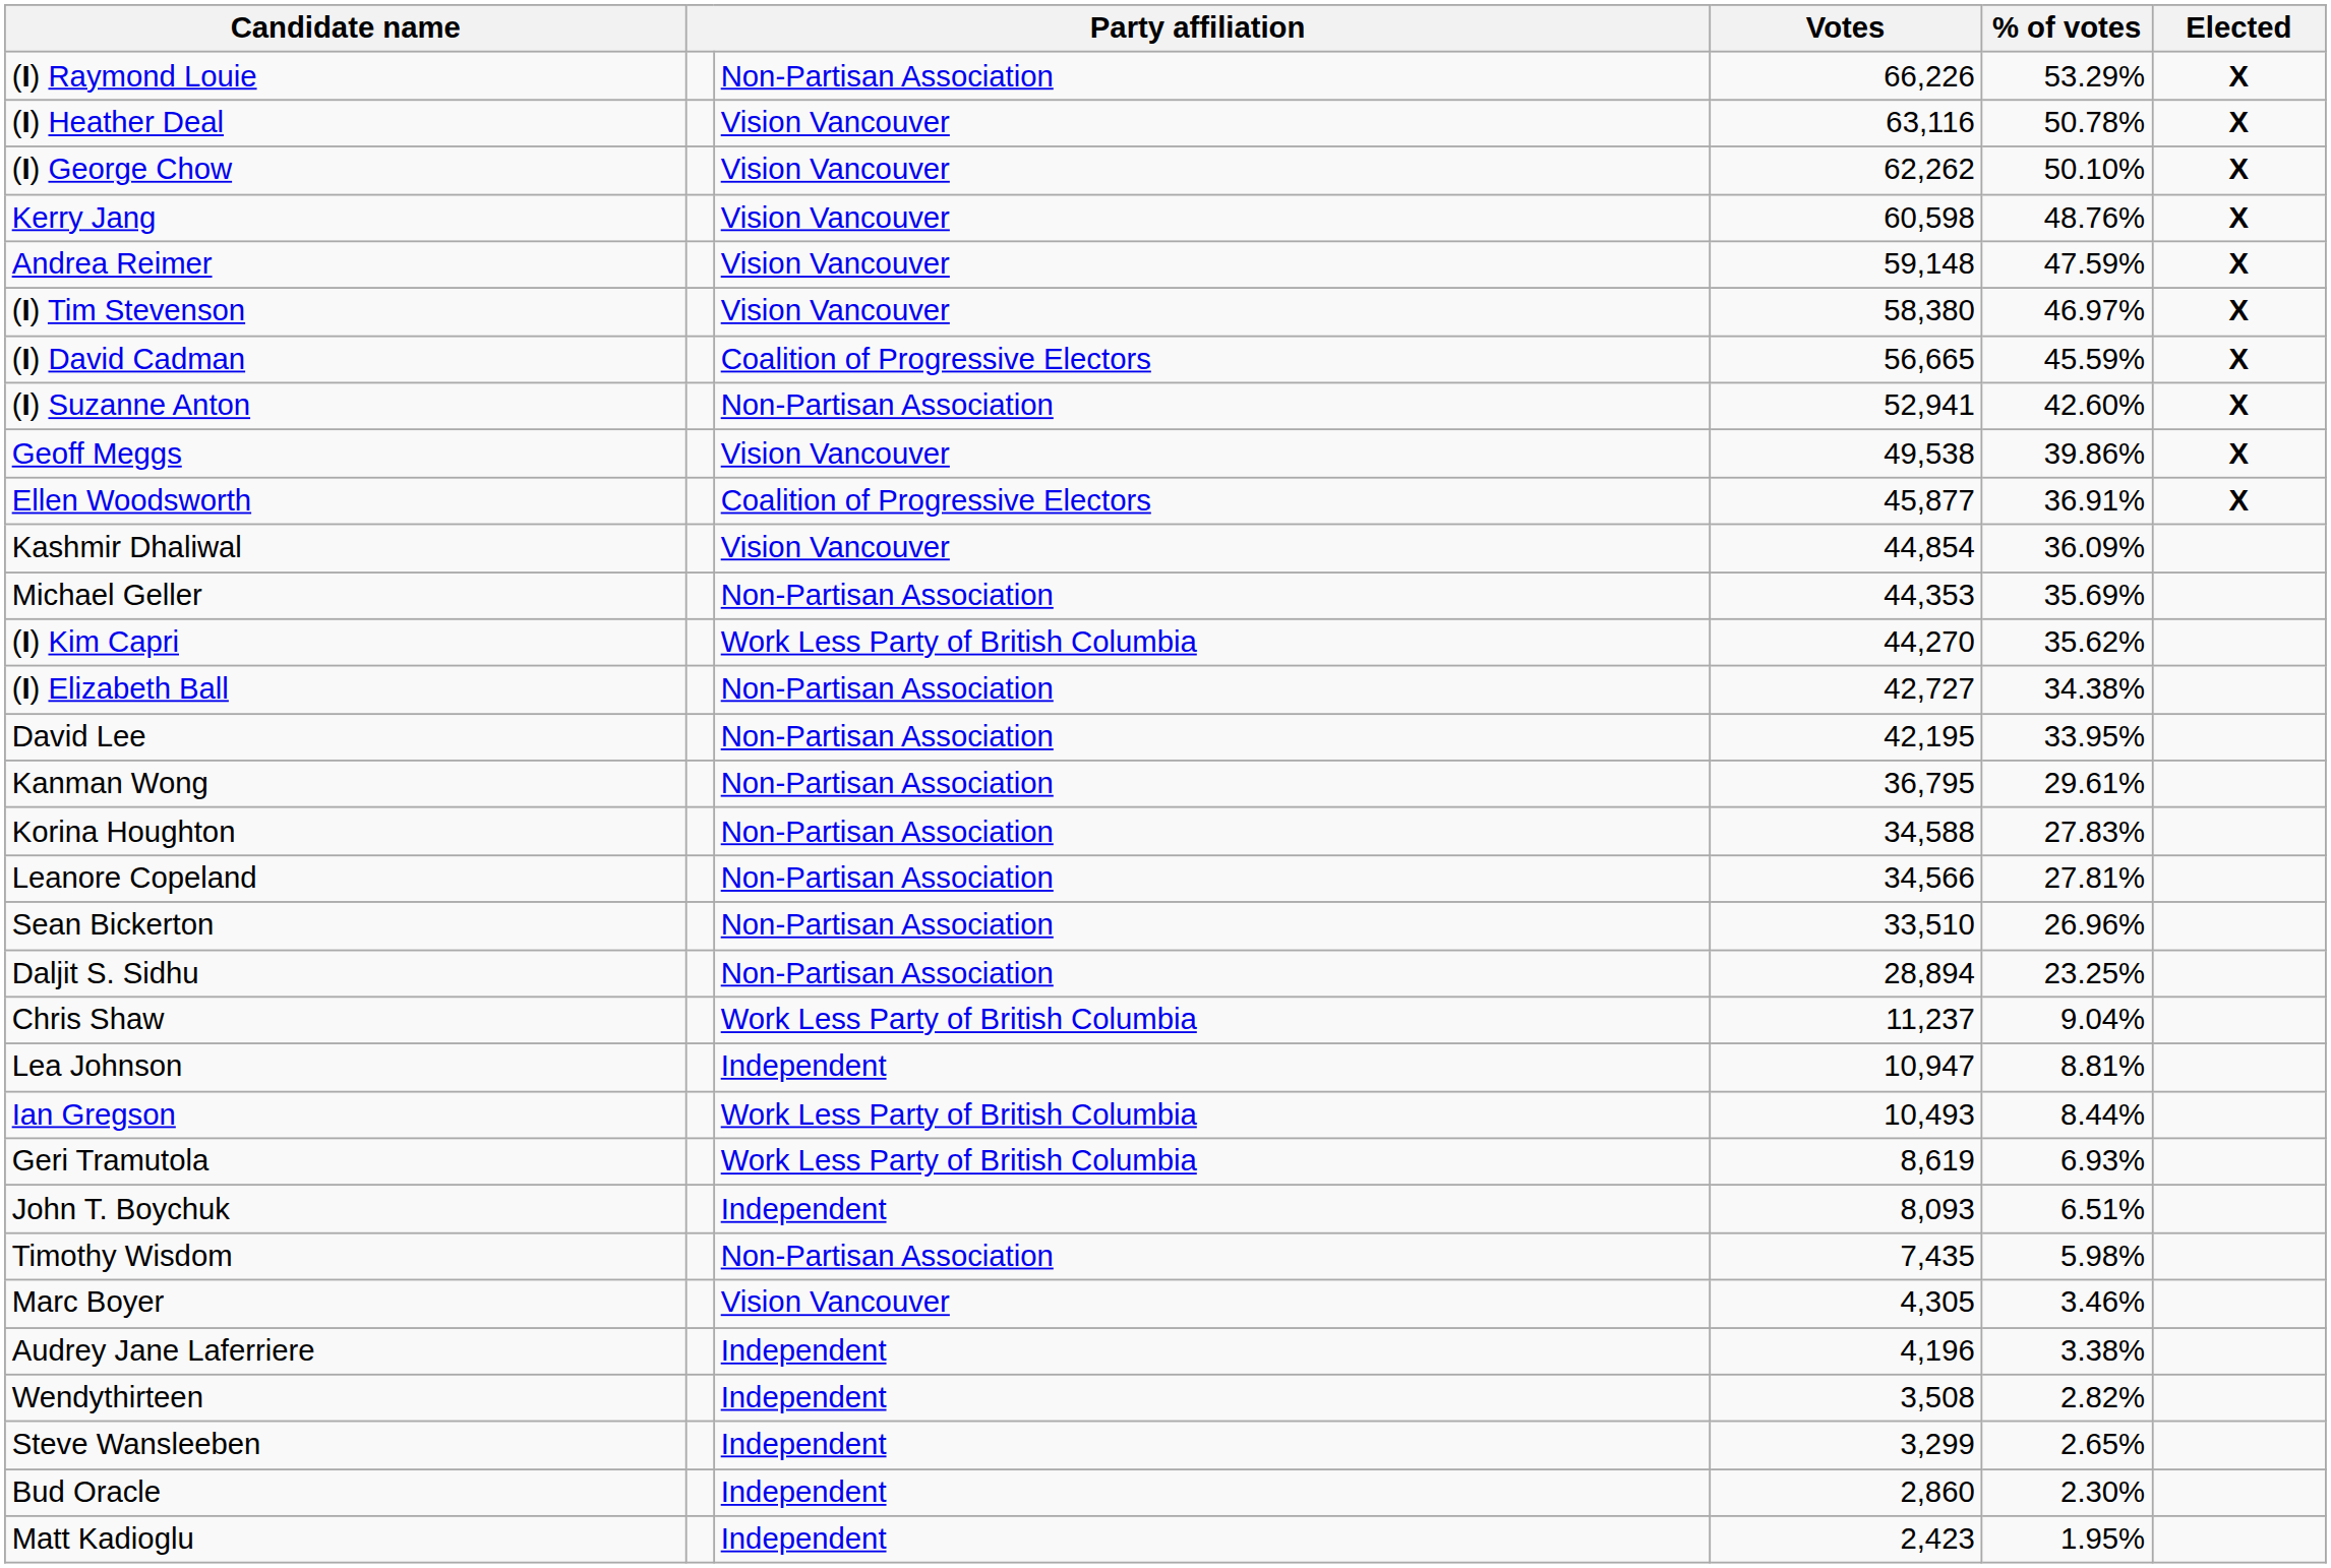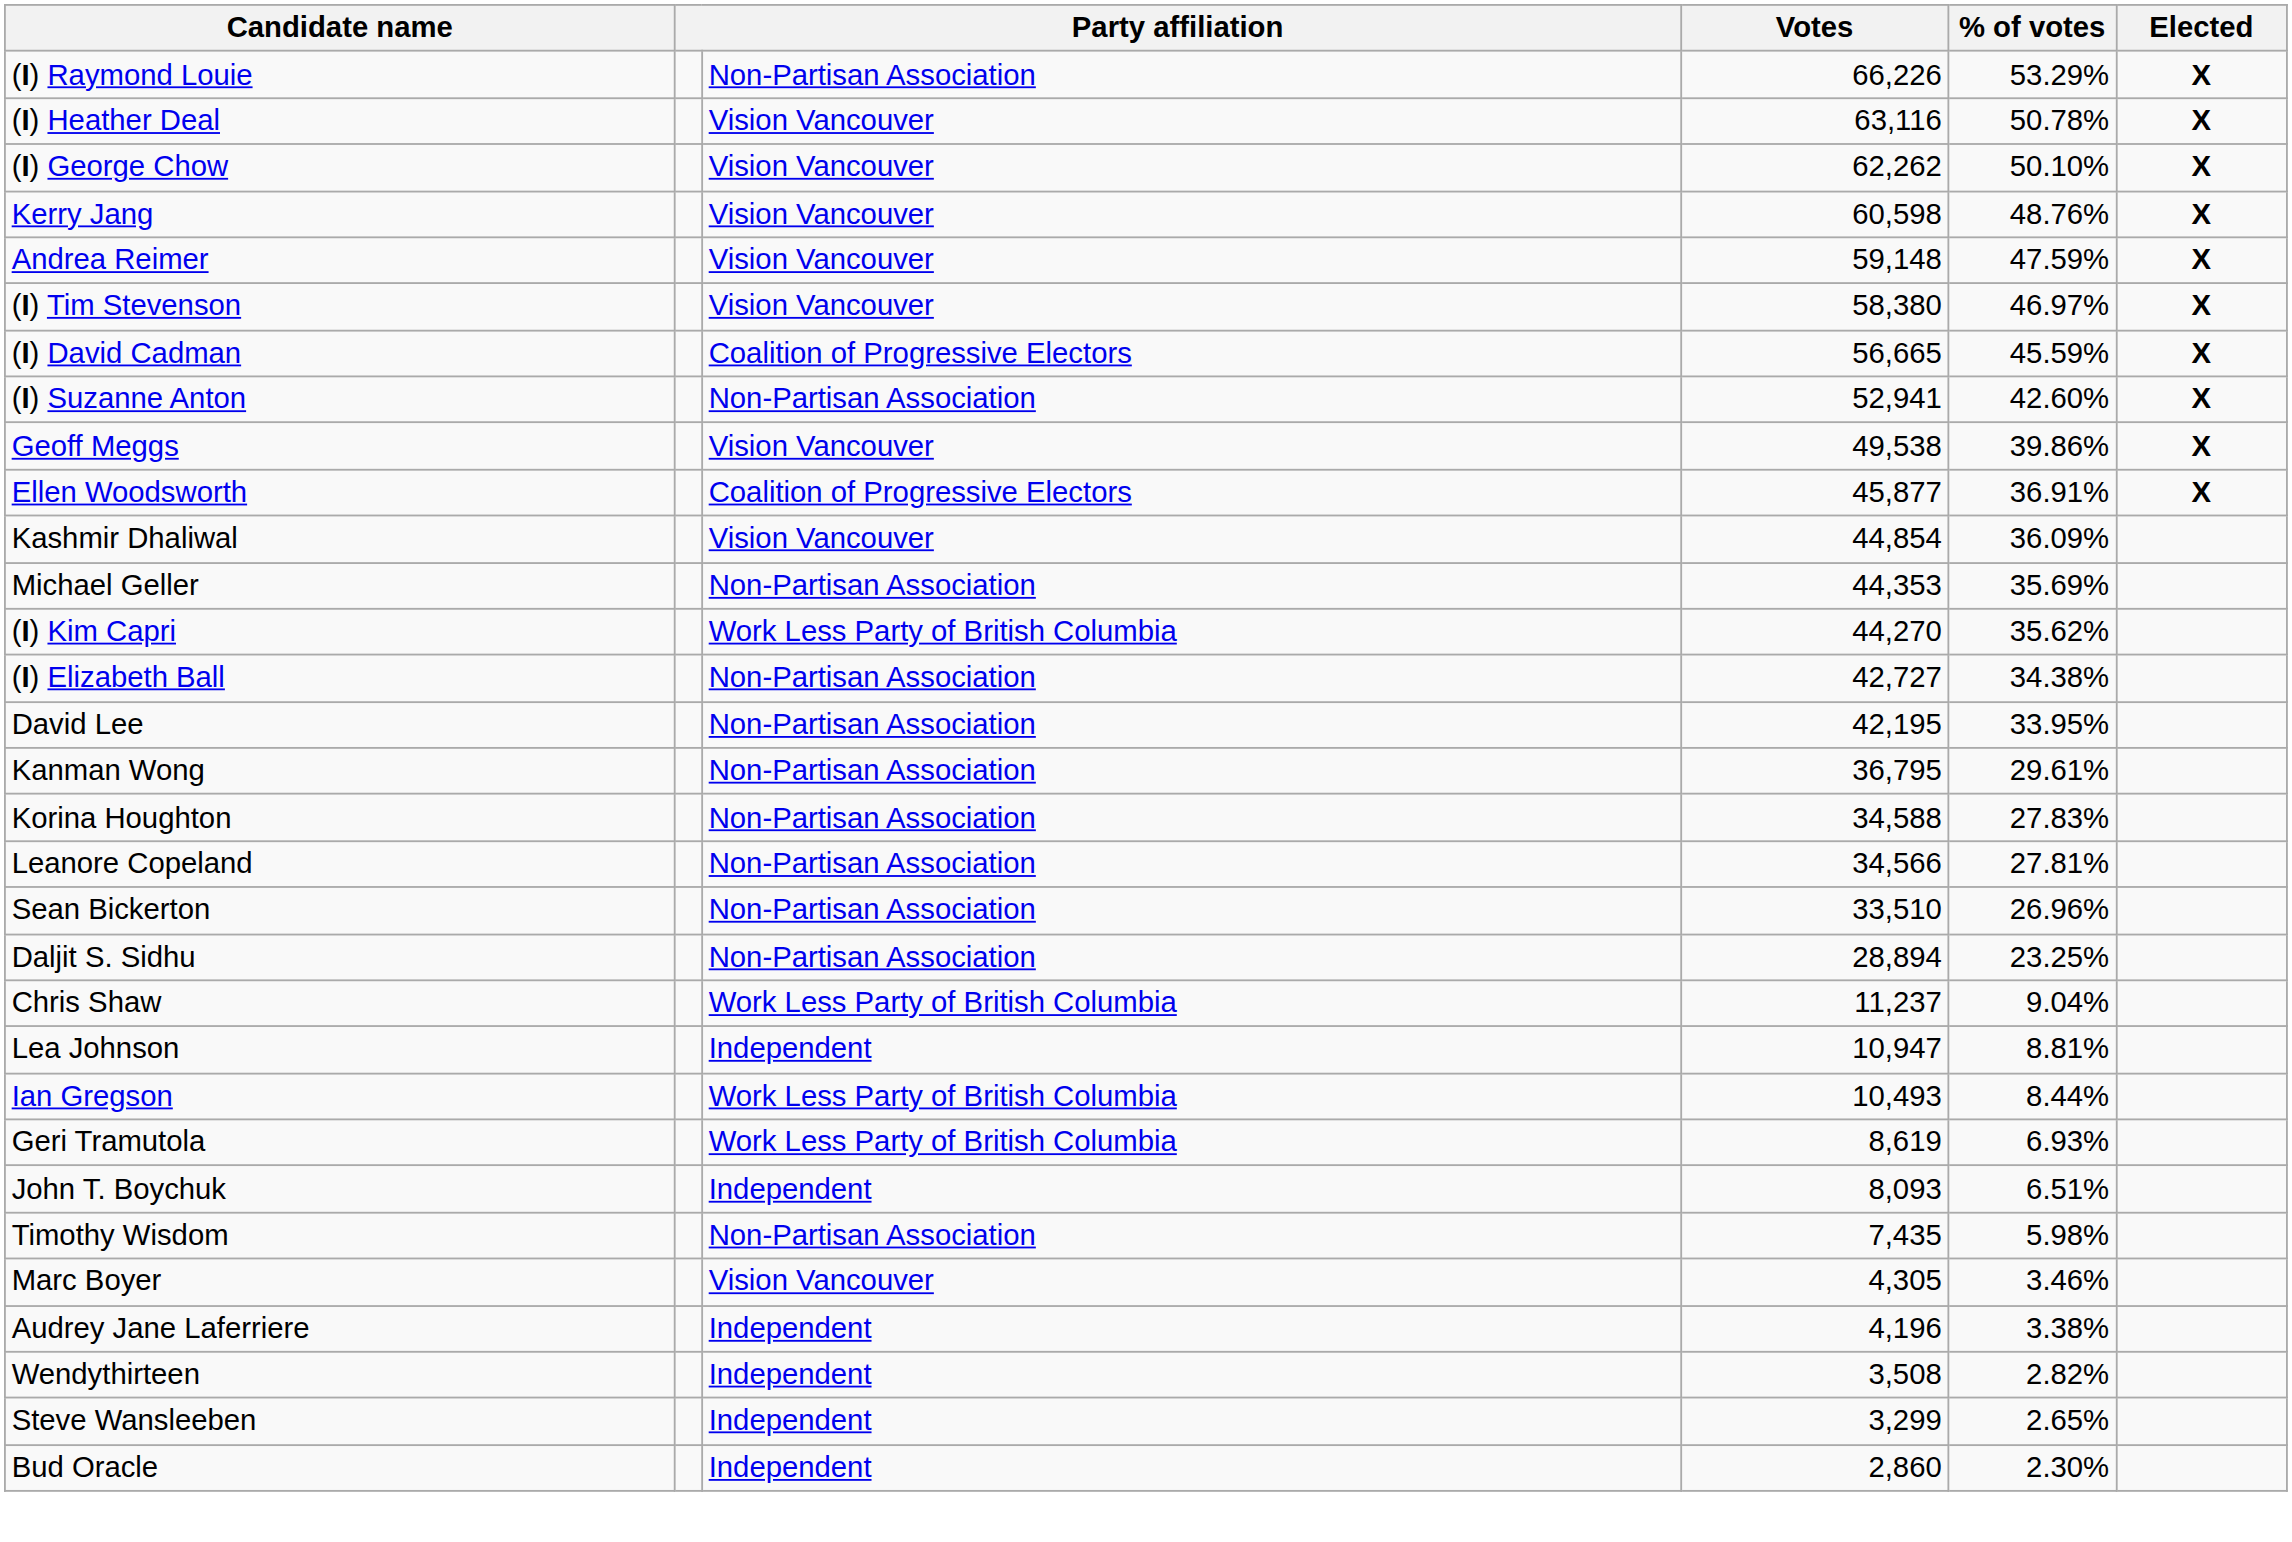 <table class="wikitable sortable" margin:5px; width: 60%">
 <tr>
 <th style="width:20%;">Candidate name</th>
 <th style="width:30.05%;" colspan="2">Party affiliation</th>
 <th style="width:8%;">Votes</th>
 <th style="width:5%;">% of votes</th>
 <th style="width:5%;">Elected</th>
 </tr>
 <tr>
 <td data-sort-value="Louie, Raymond">(<strong>I</strong>) <a href='#'>Raymond Louie</a></td>
 <td style="background:"></td>
 <td><a href='#'>Non-Partisan Association</a></td>
 <td style="text-align: right;">66,226</td>
 <td style="text-align: right;">53.29%</td>
 <td style="text-align: center;"><strong>X</strong></td>
 </tr>
 <tr>
 <td data-sort-value="Deal, Heather">(<strong>I</strong>) <a href='#'>Heather Deal</a></td>
 <td style="background:"></td>
 <td><a href='#'>Vision Vancouver</a></td>
 <td style="text-align: right;">63,116</td>
 <td style="text-align: right;">50.78%</td>
 <td style="text-align: center;"><strong>X</strong></td>
 </tr>
 <tr>
 <td data-sort-value="Chow, George">(<strong>I</strong>) <a href='#'>George Chow</a></td>
 <td style="background:"></td>
 <td><a href='#'>Vision Vancouver</a></td>
 <td style="text-align: right;">62,262</td>
 <td style="text-align: right;">50.10%</td>
 <td style="text-align: center;"><strong>X</strong></td>
 </tr>
 <tr>
 <td data-sort-value="Jang, Kerry"><a href='#'>Kerry Jang</a></td>
 <td style="background:"></td>
 <td><a href='#'>Vision Vancouver</a></td>
 <td style="text-align: right;">60,598</td>
 <td style="text-align: right;">48.76%</td>
 <td style="text-align: center;"><strong>X</strong></td>
 </tr>
 <tr>
 <td data-sort-value="Reimer, Andrea"><a href='#'>Andrea Reimer</a></td>
 <td style="background:"></td>
 <td><a href='#'>Vision Vancouver</a></td>
 <td style="text-align: right;">59,148</td>
 <td style="text-align: right;">47.59%</td>
 <td style="text-align: center;"><strong>X</strong></td>
 </tr>
 <tr>
 <td data-sort-value="Stevenson, Tim">(<strong>I</strong>) <a href='#'>Tim Stevenson</a></td>
 <td style="background:"></td>
 <td><a href='#'>Vision Vancouver</a></td>
 <td style="text-align: right;">58,380</td>
 <td style="text-align: right;">46.97%</td>
 <td style="text-align: center;"><strong>X</strong></td>
 </tr>
 <tr>
 <td data-sort-value="Cadman, David">(<strong>I</strong>) <a href='#'>David Cadman</a></td>
 <td style="background:"></td>
 <td><a href='#'>Coalition of Progressive Electors</a></td>
 <td style="text-align: right;">56,665</td>
 <td style="text-align: right;">45.59%</td>
 <td style="text-align: center;"><strong>X</strong></td>
 </tr>
 <tr>
 <td data-sort-value="Anton, Suzanne">(<strong>I</strong>) <a href='#'>Suzanne Anton</a></td>
 <td style="background:"></td>
 <td><a href='#'>Non-Partisan Association</a></td>
 <td style="text-align: right;">52,941</td>
 <td style="text-align: right;">42.60%</td>
 <td style="text-align: center;"><strong>X</strong></td>
 </tr>
 <tr>
 <td data-sort-value="Meggs, Geoff"><a href='#'>Geoff Meggs</a></td>
 <td style="background:"></td>
 <td><a href='#'>Vision Vancouver</a></td>
 <td style="text-align: right;">49,538</td>
 <td style="text-align: right;">39.86%</td>
 <td style="text-align: center;"><strong>X</strong></td>
 </tr>
 <tr>
 <td data-sort-value="Woodsworth, Ellen"><a href='#'>Ellen Woodsworth</a></td>
 <td style="background:"></td>
 <td><a href='#'>Coalition of Progressive Electors</a></td>
 <td style="text-align: right;">45,877</td>
 <td style="text-align: right;">36.91%</td>
 <td style="text-align: center;"><strong>X</strong></td>
 </tr>
 <tr>
 <td data-sort-value="Dhaliwal, Kashmir">Kashmir Dhaliwal</td>
 <td style="background:"></td>
 <td><a href='#'>Vision Vancouver</a></td>
 <td style="text-align: right;">44,854</td>
 <td style="text-align: right;">36.09%</td>
 <td></td>
 </tr>
 <tr>
 <td data-sort-value="Geller, Michael">Michael Geller</td>
 <td style="background:"></td>
 <td><a href='#'>Non-Partisan Association</a></td>
 <td style="text-align: right;">44,353</td>
 <td style="text-align: right;">35.69%</td>
 <td></td>
 </tr>
 <tr>
 <td data-sort-value="Capri, Kim">(<strong>I</strong>) <a href='#'>Kim Capri</a></td>
 <td style="background:"></td>
 <td><a href='#'>Work Less Party of British Columbia</a></td>
 <td style="text-align: right;">44,270</td>
 <td style="text-align: right;">35.62%</td>
 <td></td>
 </tr>
 <tr>
 <td data-sort-value="Ball, Elizabeth">(<strong>I</strong>) <a href='#'>Elizabeth Ball</a></td>
 <td style="background:"></td>
 <td><a href='#'>Non-Partisan Association</a></td>
 <td style="text-align: right;">42,727</td>
 <td style="text-align: right;">34.38%</td>
 <td></td>
 </tr>
 <tr>
 <td data-sort-value="Lee, David">David Lee</td>
 <td style="background:"></td>
 <td><a href='#'>Non-Partisan Association</a></td>
 <td style="text-align: right;">42,195</td>
 <td style="text-align: right;">33.95%</td>
 <td></td>
 </tr>
 <tr>
 <td data-sort-value="Wong, Kanman">Kanman Wong</td>
 <td style="background:"></td>
 <td><a href='#'>Non-Partisan Association</a></td>
 <td style="text-align: right;">36,795</td>
 <td style="text-align: right;">29.61%</td>
 <td></td>
 </tr>
 <tr>
 <td data-sort-value="Houghton, Korina">Korina Houghton</td>
 <td style="background:"></td>
 <td><a href='#'>Non-Partisan Association</a></td>
 <td style="text-align: right;">34,588</td>
 <td style="text-align: right;">27.83%</td>
 <td></td>
 </tr>
 <tr>
 <td data-sort-value="Copeland, Leanore">Leanore Copeland</td>
 <td style="background:"></td>
 <td><a href='#'>Non-Partisan Association</a></td>
 <td style="text-align: right;">34,566</td>
 <td style="text-align: right;">27.81%</td>
 <td></td>
 </tr>
 <tr>
 <td data-sort-value="Bickerton, Sean">Sean Bickerton</td>
 <td style="background:"></td>
 <td><a href='#'>Non-Partisan Association</a></td>
 <td style="text-align: right;">33,510</td>
 <td style="text-align: right;">26.96%</td>
 <td></td>
 </tr>
 <tr>
 <td data-sort-value="Sidhu, Daljit S.">Daljit S. Sidhu</td>
 <td style="background:"></td>
 <td><a href='#'>Non-Partisan Association</a></td>
 <td style="text-align: right;">28,894</td>
 <td style="text-align: right;">23.25%</td>
 <td></td>
 </tr>
 <tr>
 <td data-sort-value="Shaw, Chris">Chris Shaw</td>
 <td style="background:"></td>
 <td><a href='#'>Work Less Party of British Columbia</a></td>
 <td style="text-align: right;">11,237</td>
 <td style="text-align: right;">9.04%</td>
 <td></td>
 </tr>
 <tr>
 <td data-sort-value="Johnson, Lea">Lea Johnson</td>
 <td style="background:"></td>
 <td><a href='#'>Independent</a></td>
 <td style="text-align: right;">10,947</td>
 <td style="text-align: right;">8.81%</td>
 <td></td>
 </tr>
 <tr>
 <td data-sort-value="Gregson, Ian"><a href='#'>Ian Gregson</a></td>
 <td style="background:"></td>
 <td><a href='#'>Work Less Party of British Columbia</a></td>
 <td style="text-align: right;">10,493</td>
 <td style="text-align: right;">8.44%</td>
 <td></td>
 </tr>
 <tr>
 <td data-sort-value="Tramutola, Geri">Geri Tramutola</td>
 <td style="background:"></td>
 <td><a href='#'>Work Less Party of British Columbia</a></td>
 <td style="text-align: right;">8,619</td>
 <td style="text-align: right;">6.93%</td>
 <td></td>
 </tr>
 <tr>
 <td data-sort-value="Boychuk, John T.">John T. Boychuk</td>
 <td style="background:"></td>
 <td><a href='#'>Independent</a></td>
 <td style="text-align: right;">8,093</td>
 <td style="text-align: right;">6.51%</td>
 <td></td>
 </tr>
 <tr>
 <td data-sort-value="Wisdom, Timothy">Timothy Wisdom</td>
 <td style="background:"></td>
 <td><a href='#'>Non-Partisan Association</a></td>
 <td style="text-align: right;">7,435</td>
 <td style="text-align: right;">5.98%</td>
 <td></td>
 </tr>
 <tr>
 <td data-sort-value="Boyer, Marc">Marc Boyer</td>
 <td style="background:"></td>
 <td><a href='#'>Vision Vancouver</a></td>
 <td style="text-align: right;">4,305</td>
 <td style="text-align: right;">3.46%</td>
 <td></td>
 </tr>
 <tr>
 <td data-sort-value="Laferriere, Audrey Jane">Audrey Jane Laferriere</td>
 <td style="background:"></td>
 <td><a href='#'>Independent</a></td>
 <td style="text-align: right;">4,196</td>
 <td style="text-align: right;">3.38%</td>
 <td></td>
 </tr>
 <tr>
 <td>Wendythirteen</td>
 <td style="background:"></td>
 <td><a href='#'>Independent</a></td>
 <td style="text-align: right;">3,508</td>
 <td style="text-align: right;">2.82%</td>
 <td></td>
 </tr>
 <tr>
 <td data-sort-value="Wansleeben, Steve">Steve Wansleeben</td>
 <td style="background:"></td>
 <td><a href='#'>Independent</a></td>
 <td style="text-align: right;">3,299</td>
 <td style="text-align: right;">2.65%</td>
 <td></td>
 </tr>
 <tr>
 <td data-sort-value="Oracle, Bud">Bud Oracle</td>
 <td style="background:"></td>
 <td><a href='#'>Independent</a></td>
 <td style="text-align: right;">2,860</td>
 <td style="text-align: right;">2.30%</td>
 <td></td>
 </tr>
-<tr>
-<td data-sort-value="Kadioglu, Matt">Matt Kadioglu</td>
-<td style="background:"></td>
-<td><a href='#'>Independent</a></td>
-<td style="text-align: right;">2,423</td>
-<td style="text-align: right;">1.95%</td>
-<td></td>
-</tr>
 </table>
